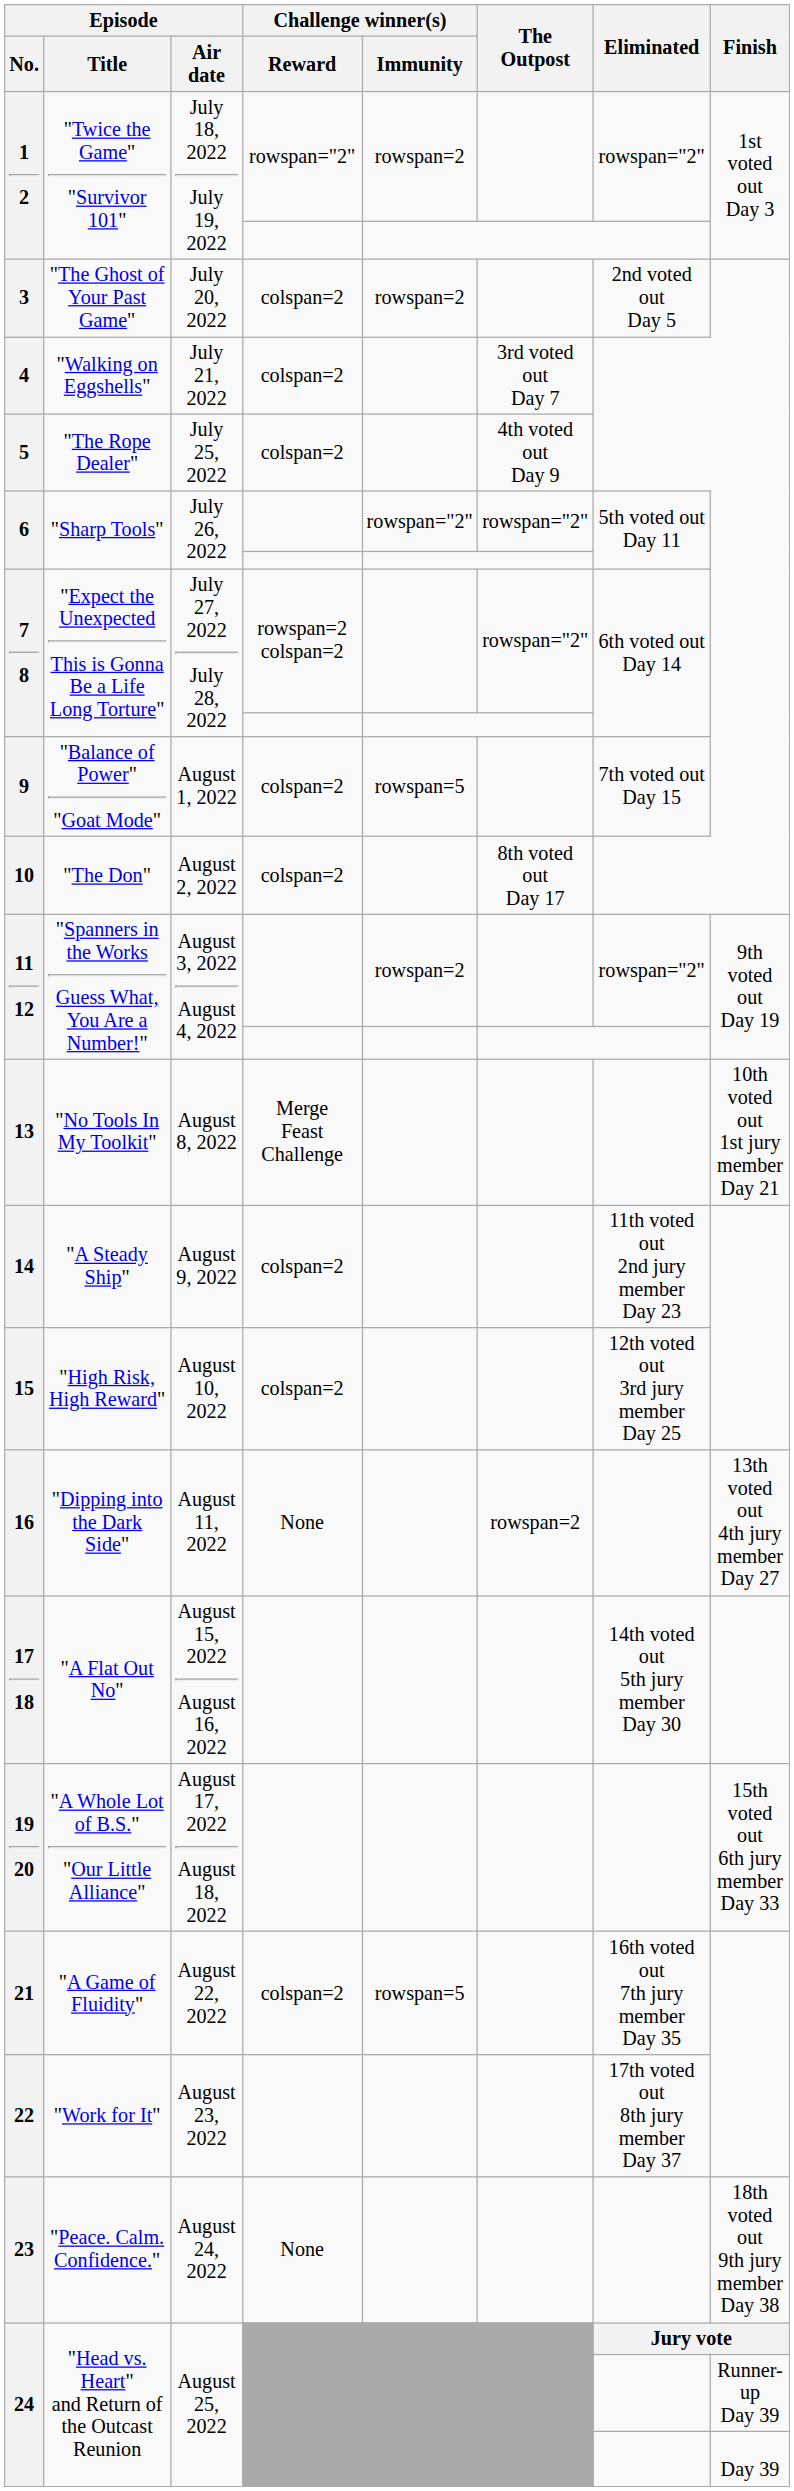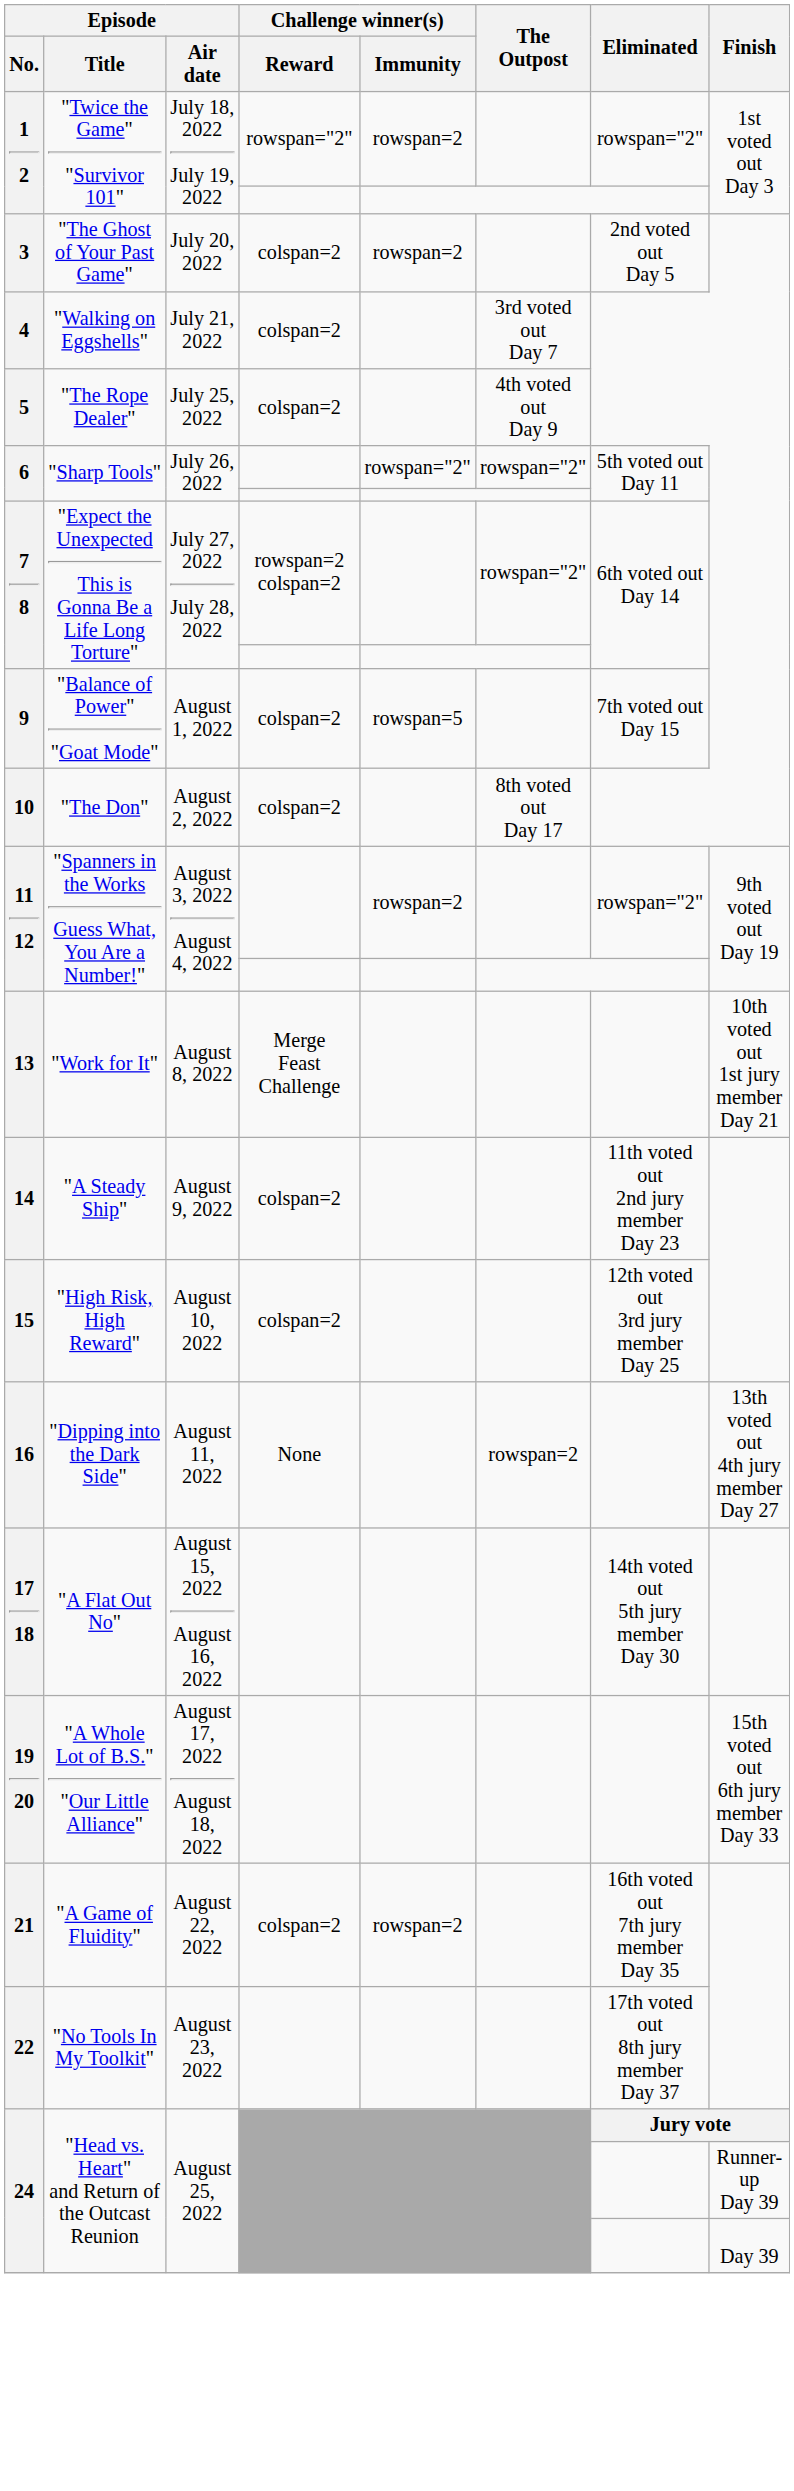 <table class="wikitable" style="margin:auto; text-align:center">
 <tr>
 <th colspan=3>Episode</th>
 <th colspan=2>Challenge winner(s)</th>
 <th rowspan=2>The Outpost</th>
 <th rowspan=2>Eliminated</th>
 <th rowspan=2>Finish</th>
 </tr>
 <tr>
 <th>No.</th>
 <th>Title</th>
 <th>Air date</th>
 <th>Reward</th>
 <th>Immunity</th>
 </tr>
 <tr>
 <th rowspan="2">1<hr>2</th>
 <td rowspan="2">"<a href='#'>Twice the Game</a>"<hr>"<a href='#'>Survivor 101</a>"</td>
 <td rowspan="2">July 18, 2022<hr>July 19, 2022</td>
 <td>rowspan="2" </td>
 <td>rowspan=2 </td>
 <td></td>
 <td>rowspan="2" </td>
 <td rowspan="2">1st voted out<br>Day 3</td>
 </tr>
 <tr>
 <td></td>
 </tr>
 <tr>
 <th>3</th>
 <td>"<a href='#'>The Ghost of Your Past Game</a>"</td>
 <td>July 20, 2022</td>
 <td>colspan=2 </td>
 <td>rowspan=2 </td>
 <td></td>
 <td>2nd voted out<br>Day 5</td>
 </tr>
 <tr>
 <th>4</th>
 <td>"<a href='#'>Walking on Eggshells</a>"</td>
 <td>July 21, 2022</td>
 <td>colspan=2 </td>
 <td></td>
 <td>3rd voted out<br>Day 7</td>
 </tr>
 <tr>
 <th>5</th>
 <td>"<a href='#'>The Rope Dealer</a>"</td>
 <td>July 25, 2022</td>
 <td>colspan=2 </td>
 <td></td>
 <td>4th voted out<br>Day 9</td>
 </tr>
 <tr>
 <th rowspan="2">6</th>
 <td rowspan="2">"<a href='#'>Sharp Tools</a>"</td>
 <td rowspan="2">July 26, 2022</td>
 <td></td>
 <td>rowspan="2" </td>
 <td>rowspan="2" </td>
 <td rowspan="2">5th voted out<br>Day 11</td>
 </tr>
 <tr>
 <td></td>
 </tr>
 <tr>
 <th rowspan="2">7<hr>8</th>
 <td rowspan="2">"<a href='#'>Expect the Unexpected</a><hr><a href='#'>This is Gonna Be a Life Long Torture</a>"</td>
 <td rowspan="2">July 27, 2022<hr>July 28, 2022</td>
 <td>rowspan=2 colspan=2 </td>
 <td></td>
 <td>rowspan="2" </td>
 <td rowspan="2">6th voted out<br>Day 14</td>
 </tr>
 <tr>
 <td></td>
 </tr>
 <tr>
 <th>9</th>
 <td>"<a href='#'>Balance of Power</a>"<hr>"<a href='#'>Goat Mode</a>"</td>
 <td>August 1, 2022</td>
 <td>colspan=2 </td>
 <td>rowspan=5 </td>
 <td></td>
 <td>7th voted out<br>Day 15</td>
 </tr>
 <tr>
 <th>10</th>
 <td>"<a href='#'>The Don</a>"</td>
 <td>August 2, 2022</td>
 <td>colspan=2 </td>
 <td></td>
 <td>8th voted out<br>Day 17</td>
 </tr>
 <tr>
 <th rowspan="2">11<hr>12</th>
 <td rowspan="2">"<a href='#'>Spanners in the Works</a><hr><a href='#'>Guess What, You Are a Number!</a>"</td>
 <td rowspan="2">August 3, 2022<hr>August 4, 2022</td>
 <td></td>
 <td>rowspan=2 </td>
 <td></td>
 <td>rowspan="2" </td>
 <td rowspan="2">9th voted out<br>Day 19</td>
 </tr>
 <tr>
 <td></td>
 <td></td>
 </tr>
 <tr>
 <th>13</th>
-<td>"<a href='#'>No Tools In My Toolkit</a>"</td>
+<td>"<a href='#'>Work for It</a>"</td>
 <td>August 8, 2022</td>
 <td>Merge<br>Feast<br>Challenge</td>
 <td></td>
 <td></td>
 <td></td>
 <td>10th voted out<br>1st jury member<br>Day 21</td>
 </tr>
 <tr>
 <th>14</th>
 <td>"<a href='#'>A Steady Ship</a>"</td>
 <td>August 9, 2022</td>
 <td>colspan=2 </td>
 <td></td>
 <td></td>
 <td>11th voted out<br>2nd jury member<br>Day 23</td>
 </tr>
 <tr>
 <th>15</th>
 <td>"<a href='#'>High Risk, High Reward</a>"</td>
 <td>August 10, 2022</td>
 <td>colspan=2 </td>
 <td></td>
 <td></td>
 <td>12th voted out<br>3rd jury member<br>Day 25</td>
 </tr>
 <tr>
 <th>16</th>
 <td>"<a href='#'>Dipping into the Dark Side</a>"</td>
 <td>August 11, 2022</td>
 <td>None</td>
 <td></td>
 <td>rowspan=2 </td>
 <td></td>
 <td>13th voted out<br>4th jury member<br>Day 27</td>
 </tr>
 <tr>
 <th>17<hr>18</th>
 <td>"<a href='#'>A Flat Out No</a>"</td>
 <td>August 15, 2022<hr>August 16, 2022</td>
 <td></td>
 <td></td>
 <td></td>
 <td>14th voted out<br>5th jury member<br>Day 30</td>
 </tr>
 <tr>
 <th>19<hr>20</th>
 <td>"<a href='#'>A Whole Lot of B.S.</a>"<hr>"<a href='#'>Our Little Alliance</a>"</td>
 <td>August 17, 2022<hr>August 18, 2022</td>
 <td></td>
 <td></td>
 <td></td>
 <td></td>
 <td>15th voted out<br>6th jury member<br>Day 33</td>
 </tr>
 <tr>
 <th>21</th>
 <td>"<a href='#'>A Game of Fluidity</a>"</td>
 <td>August 22, 2022</td>
 <td>colspan=2 </td>
-<td>rowspan=5 </td>
+<td>rowspan=2 </td>
 <td></td>
 <td>16th voted out<br>7th jury member<br>Day 35</td>
 </tr>
 <tr>
 <th>22</th>
-<td>"<a href='#'>Work for It</a>"</td>
+<td>"<a href='#'>No Tools In My Toolkit</a>"</td>
 <td>August 23, 2022</td>
 <td></td>
 <td></td>
 <td></td>
 <td>17th voted out<br>8th jury member<br>Day 37</td>
-</tr>
-<tr>
-<th>23</th>
-<td>"<a href='#'>Peace. Calm. Confidence.</a>"</td>
-<td>August 24, 2022</td>
-<td>None</td>
-<td></td>
-<td></td>
-<td></td>
-<td>18th voted out<br>9th jury member<br>Day 38</td>
 </tr>
 <tr>
 <th rowspan="3">24</th>
 <td rowspan="3">"<a href='#'>Head vs. Heart</a>"<br>and Return of the Outcast Reunion</td>
 <td rowspan="3">August 25, 2022</td>
 <td colspan="3" rowspan="3" bgcolor="darkgray"></td>
 <th colspan="2"><strong>Jury vote</strong></th>
 </tr>
 <tr>
 <td></td>
 <td>Runner-up<br>Day 39</td>
 </tr>
 <tr>
 <td></td>
 <td><br>Day 39</td>
 </tr>
 <tr>
 </tr>
 </table>
